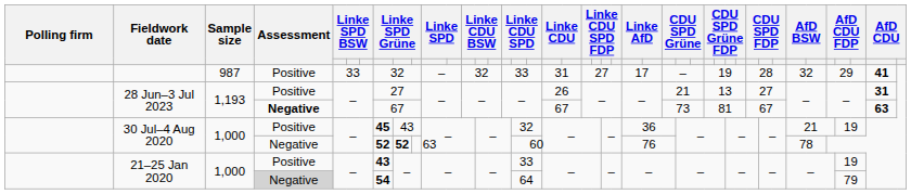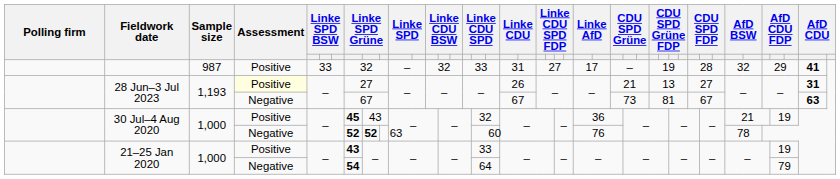 <table class="wikitable sortable" style="text-align:center;font-size:90%;line-height:14px;">
 <tr style="height:40px;">
 <th style="width:120px;" rowspan="2">Polling firm</th>
 <th style="width:100px;" rowspan="2">Fieldwork date</th>
 <th style="width:30px;" rowspan="2">Sample<br>size</th>
 <th style="width:30px;" rowspan="2">Assessment</th>
 <th class="unsortable" style="width:40px;" colspan="3"><a href='#'>Linke</a><br><a href='#'>SPD</a><br><a href='#'>BSW</a></th>
 <th class="unsortable" style="width:40px;" colspan="3"><a href='#'>Linke</a><br><a href='#'>SPD</a><br><a href='#'>Grüne</a></th>
 <th class="unsortable" style="width:40px;" colspan="2"><a href='#'>Linke</a><br><a href='#'>SPD</a></th>
 <th class="unsortable" style="width:40px;" colspan="3"><a href='#'>Linke</a><br><a href='#'>CDU</a><br><a href='#'>BSW</a></th>
 <th class="unsortable" style="width:40px;" colspan="3"><a href='#'>Linke</a><br><a href='#'>CDU</a><br><a href='#'>SPD</a></th>
 <th class="unsortable" style="width:40px;" colspan="2"><a href='#'>Linke</a><br><a href='#'>CDU</a></th>
 <th class="unsortable" style="width:40px;" colspan="4"><a href='#'>Linke</a><br><a href='#'>CDU</a><br><a href='#'>SPD</a><br><a href='#'>FDP</a></th>
 <th class="unsortable" style="width:40px;" colspan="2"><a href='#'>Linke</a><br><a href='#'>AfD</a></th>
 <th class="unsortable" style="width:40px;" colspan="3"><a href='#'>CDU</a><br><a href='#'>SPD</a><br><a href='#'>Grüne</a></th>
 <th class="unsortable" style="width:40px;" colspan="4"><a href='#'>CDU</a><br><a href='#'>SPD</a><br><a href='#'>Grüne</a><br><a href='#'>FDP</a></th>
 <th class="unsortable" style="width:40px;" colspan="3"><a href='#'>CDU</a><br><a href='#'>SPD</a><br><a href='#'>FDP</a></th>
 <th class="unsortable" style="width:40px;" colspan="2"><a href='#'>AfD</a><br><a href='#'>BSW</a></th>
 <th class="unsortable" style="width:40px;" colspan="3"><a href='#'>AfD</a><br><a href='#'>CDU</a><br><a href='#'>FDP</a></th>
 <th class="unsortable" style="width:40px;" colspan="3"><a href='#'>AfD</a><br><a href='#'>CDU</a></th>
 </tr>
 <tr>
 <th style="background:"></th>
 <th style="background:"></th>
 <th style="background:"></th>
 <th style="background:"></th>
 <th style="background:"></th>
 <th style="background:"></th>
 <th style="background:"></th>
 <th style="background:"></th>
 <th style="background:"></th>
 <th style="background:"></th>
 <th style="background:"></th>
 <th style="background:"></th>
 <th style="background:"></th>
 <th style="background:"></th>
 <th style="background:"></th>
 <th style="background:"></th>
 <th style="background:"></th>
 <th style="background:"></th>
 <th style="background:"></th>
 <th style="background:"></th>
 <th style="background:"></th>
 <th style="background:"></th>
 <th style="background:"></th>
 <th style="background:"></th>
 <th style="background:"></th>
 <th style="background:"></th>
 <th style="background:"></th>
 <th style="background:"></th>
 <th style="background:"></th>
 <th style="background:"></th>
 <th style="background:"></th>
 <th style="background:"></th>
 <th style="background:"></th>
 <th style="background:"></th>
 <th style="background:"></th>
 <th style="background:"></th>
 <th style="background:"></th>
 <th style="background:"></th>
 <th style="background:"></th>
 </tr>
 <tr>
 <td></td>
 <td></td>
 <td>987</td>
 <td>Positive</td>
 <td colspan="3">33</td>
 <td colspan="3">32</td>
 <td colspan="2">–</td>
 <td colspan="3">32</td>
 <td colspan="3">33</td>
 <td colspan="2">31</td>
 <td colspan="4">27</td>
 <td colspan="2">17</td>
 <td colspan="3">–</td>
 <td colspan="4">19</td>
 <td colspan="3">28</td>
 <td colspan="2">32</td>
 <td colspan="3">29</td>
 <td><strong>41</strong></td>
 </tr>
 <tr>
 <td rowspan="2"></td>
 <td rowspan="2">28 Jun–3 Jul 2023</td>
 <td rowspan="2">1,193</td>
-<td>Positive</td>
+<td style="background: lightyellow;">Positive</td>
 <td colspan="3" rowspan="2">–</td>
 <td colspan="3">27</td>
 <td colspan="2" rowspan="2">–</td>
 <td colspan="3" rowspan="2">–</td>
 <td colspan="3" rowspan="2">–</td>
 <td colspan="2">26</td>
 <td colspan="4" rowspan="2">–</td>
 <td colspan="2" rowspan="2">–</td>
 <td colspan="3">21</td>
 <td colspan="4">13</td>
 <td colspan="3">27</td>
 <td colspan="2" rowspan="2">–</td>
 <td colspan="3" rowspan="2">–</td>
 <td><strong>31</strong></td>
 </tr>
 <tr>
-<td><strong>Negative</strong></td>
+<td>Negative</td>
 <td colspan="3">67</td>
 <td colspan="2">67</td>
 <td colspan="3">73</td>
 <td colspan="4">81</td>
 <td colspan="3">67</td>
 <td><strong>63</strong></td>
 </tr>
 <tr>
 <td rowspan="2"></td>
 <td data-sort-value="2020-08-06" rowspan="2">30 Jul–4 Aug 2020</td>
 <td rowspan="2">1,000</td>
 <td>Positive</td>
 <td colspan="3" rowspan="2">–</td>
 <td><strong>45</strong></td>
 <td colspan="2">43</td>
 <td colspan="3" rowspan="2">–</td>
 <td colspan="3" rowspan="2">–</td>
 <td colspan="2">32</td>
 <td colspan="4" rowspan="2">–</td>
 <td colspan="2" rowspan="2">–</td>
 <td colspan="3">36</td>
 <td rowspan="2" colspan="4">–</td>
 <td rowspan="2" colspan="3">–</td>
 <td colspan="2" rowspan="2">–</td>
 <td colspan="3">21</td>
 <td colspan="2">19</td>
 </tr>
 <tr>
 <td>Negative</td>
 <td><strong>52</strong></td>
 <td><strong>52</strong></td>
 <td colspan="2">63</td>
 <td colspan="3">60</td>
 <td colspan="3">76</td>
 <td colspan="2">78</td>
 </tr>
 <tr>
 <td rowspan="2"></td>
 <td data-sort-value="2020-01-28" rowspan="2">21–25 Jan 2020</td>
 <td rowspan="2">1,000</td>
 <td>Positive</td>
 <td colspan="3" rowspan="2">–</td>
 <td><strong>43</strong></td>
 <td rowspan="2" colspan="2">–</td>
 <td colspan="3" rowspan="2">–</td>
 <td colspan="3" rowspan="2">–</td>
 <td colspan="2">33</td>
 <td colspan="4" rowspan="2">–</td>
 <td colspan="2" rowspan="2">–</td>
 <td rowspan="2" colspan="3">–</td>
 <td rowspan="2" colspan="4">–</td>
 <td rowspan="2" colspan="3">–</td>
 <td colspan="2" rowspan="2">–</td>
 <td rowspan="2" colspan="3">–</td>
 <td colspan="2">19</td>
 </tr>
 <tr>
-<td style="background: lightgrey;">Negative</td>
+<td>Negative</td>
 <td><strong>54</strong></td>
 <td colspan="2">64</td>
 <td colspan="2">79</td>
 </tr>
 </table>
